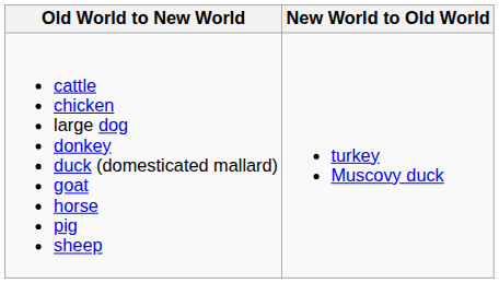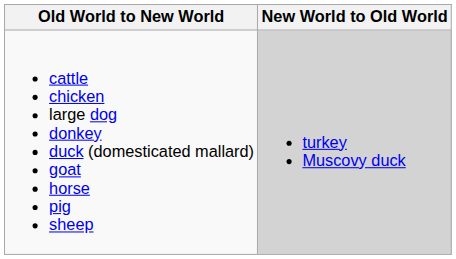 <table class="wikitable floatleft vertical-align-top">
 <tr>
 <th>Old World to New World</th>
 <th>New World to Old World</th>
 </tr>
 <tr>
 <td><br><ul><li><a href='#'>cattle</a></li><li><a href='#'>chicken</a></li><li>large <a href='#'>dog</a></li><li><a href='#'>donkey</a></li><li><a href='#'>duck</a> (domesticated mallard)</li><li><a href='#'>goat</a></li><li><a href='#'>horse</a></li><li><a href='#'>pig</a></li><li><a href='#'>sheep</a></li></ul></td>
-<td><br><ul><li><a href='#'>turkey</a></li><li><a href='#'>Muscovy duck</a></li></ul></td>
+<td style="background: lightgrey;"><br><ul><li><a href='#'>turkey</a></li><li><a href='#'>Muscovy duck</a></li></ul></td>
 </tr>
 </table>
